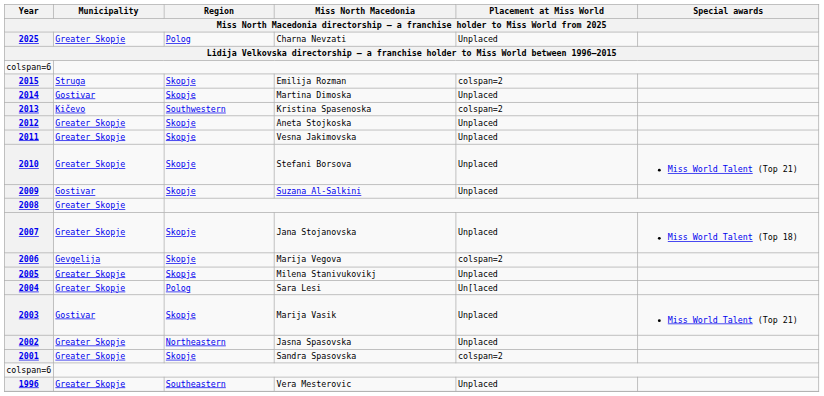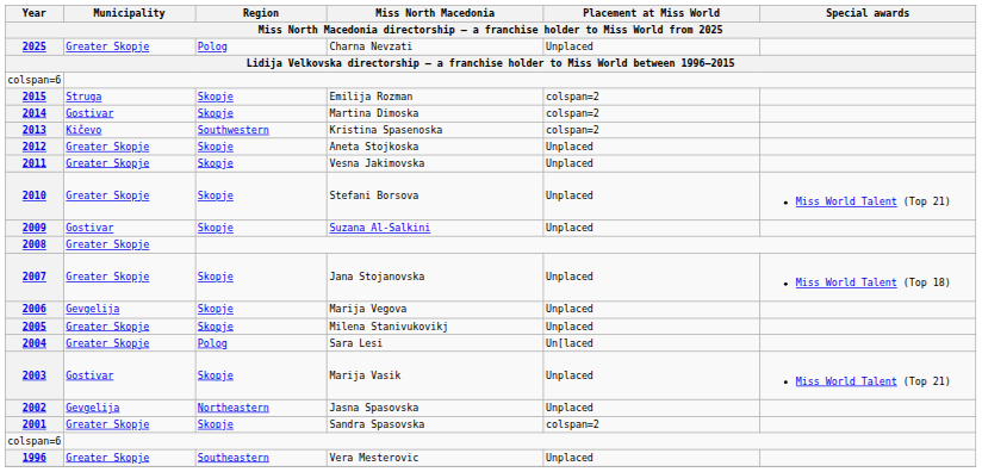 <table class="wikitable " style="font-size: 90%;">
 <tr>
 <th width="60">Year</th>
 <th width="150">Municipality</th>
 <th width="150">Region</th>
 <th width="250">Miss North Macedonia</th>
 <th width="250">Placement at Miss World</th>
 <th width="250">Special awards</th>
 </tr>
 <tr>
 <th colspan="6">Miss North Macedonia directorship — a franchise holder to Miss World from 2025</th>
 </tr>
 <tr>
 <th><a href='#'>2025</a></th>
 <td><a href='#'>Greater Skopje</a></td>
 <td><a href='#'>Polog</a></td>
 <td>Charna Nevzati</td>
 <td>Unplaced</td>
 <td></td>
 </tr>
 <tr>
 <th colspan="6">Lidija Velkovska directorship — a franchise holder to Miss World between 1996―2015</th>
 </tr>
 <tr>
 <td>colspan=6 </td>
 </tr>
 <tr>
 <th><a href='#'>2015</a></th>
 <td><a href='#'>Struga</a></td>
 <td><a href='#'>Skopje</a></td>
 <td>Emilija Rozman</td>
 <td>colspan=2 </td>
 <td></td>
 </tr>
 <tr>
 <th><a href='#'>2014</a></th>
 <td><a href='#'>Gostivar</a></td>
 <td><a href='#'>Skopje</a></td>
 <td>Martina Dimoska</td>
-<td>Unplaced</td>
+<td>colspan=2 </td>
 </tr>
 <tr>
 <th><a href='#'>2013</a></th>
 <td><a href='#'>Kičevo</a></td>
 <td><a href='#'>Southwestern</a></td>
 <td>Kristina Spasenoska</td>
 <td>colspan=2 </td>
 <td></td>
 </tr>
 <tr>
 <th><a href='#'>2012</a></th>
 <td><a href='#'>Greater Skopje</a></td>
 <td><a href='#'>Skopje</a></td>
 <td>Aneta Stojkoska</td>
 <td>Unplaced</td>
 <td></td>
 </tr>
 <tr>
 <th><a href='#'>2011</a></th>
 <td><a href='#'>Greater Skopje</a></td>
 <td><a href='#'>Skopje</a></td>
 <td>Vesna Jakimovska</td>
 <td>Unplaced</td>
 <td></td>
 </tr>
 <tr>
 <th><a href='#'>2010</a></th>
 <td><a href='#'>Greater Skopje</a></td>
 <td><a href='#'>Skopje</a></td>
 <td>Stefani Borsova</td>
 <td>Unplaced</td>
 <td><br><ul><li><a href='#'>Miss World Talent</a> (Top 21)</li></ul></td>
 </tr>
 <tr>
 <th><a href='#'>2009</a></th>
 <td><a href='#'>Gostivar</a></td>
 <td><a href='#'>Skopje</a></td>
 <td><a href='#'>Suzana Al-Salkini</a></td>
 <td>Unplaced</td>
 <td></td>
 </tr>
 <tr>
 <th><a href='#'>2008</a></th>
 <td><a href='#'>Greater Skopje</a></td>
 </tr>
 <tr>
 <th><a href='#'>2007</a></th>
 <td><a href='#'>Greater Skopje</a></td>
 <td><a href='#'>Skopje</a></td>
 <td>Jana Stojanovska</td>
 <td>Unplaced</td>
 <td><br><ul><li><a href='#'>Miss World Talent</a> (Top 18)</li></ul></td>
 </tr>
 <tr>
 <th><a href='#'>2006</a></th>
 <td><a href='#'>Gevgelija</a></td>
 <td><a href='#'>Skopje</a></td>
 <td>Marija Vegova</td>
-<td>colspan=2 </td>
+<td>Unplaced</td>
 <td></td>
 </tr>
 <tr>
 <th><a href='#'>2005</a></th>
 <td><a href='#'>Greater Skopje</a></td>
 <td><a href='#'>Skopje</a></td>
 <td>Milena Stanivukovikj</td>
 <td>Unplaced</td>
 <td></td>
 </tr>
 <tr>
 <th><a href='#'>2004</a></th>
 <td><a href='#'>Greater Skopje</a></td>
 <td><a href='#'>Polog</a></td>
 <td>Sara Lesi</td>
 <td>Un[laced</td>
 <td></td>
 </tr>
 <tr>
 <th><a href='#'>2003</a></th>
 <td><a href='#'>Gostivar</a></td>
 <td><a href='#'>Skopje</a></td>
 <td>Marija Vasik</td>
 <td>Unplaced</td>
 <td><br><ul><li><a href='#'>Miss World Talent</a> (Top 21)</li></ul></td>
 </tr>
 <tr>
 <th><a href='#'>2002</a></th>
-<td><a href='#'>Greater Skopje</a></td>
+<td><a href='#'>Gevgelija</a></td>
 <td><a href='#'>Northeastern</a></td>
 <td>Jasna Spasovska</td>
 <td>Unplaced</td>
 <td></td>
 </tr>
 <tr>
 <th><a href='#'>2001</a></th>
 <td><a href='#'>Greater Skopje</a></td>
 <td><a href='#'>Skopje</a></td>
 <td>Sandra Spasovska</td>
 <td>colspan=2 </td>
 <td></td>
 </tr>
 <tr>
 <td>colspan=6 </td>
 </tr>
 <tr>
 <th><a href='#'>1996</a></th>
 <td><a href='#'>Greater Skopje</a></td>
 <td><a href='#'>Southeastern</a></td>
 <td>Vera Mesterovic</td>
 <td>Unplaced</td>
 <td></td>
 </tr>
 <tr>
 </tr>
 </table>
